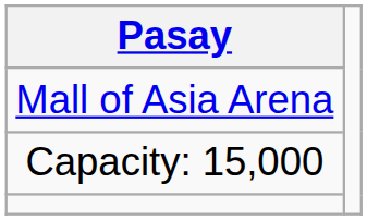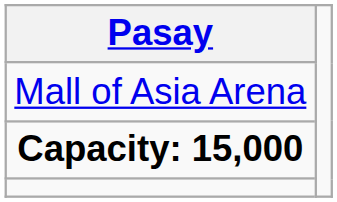 <table class="wikitable" style="text-align:center; margin: 1em auto;">
 <tr>
 <th><a href='#'>Pasay</a></th>
 <td rowspan=4></td>
 </tr>
 <tr>
 <td><a href='#'>Mall of Asia Arena</a></td>
 </tr>
 <tr>
-<td>Capacity: 15,000</td>
+<td><strong>Capacity: 15,000</strong></td>
 </tr>
 <tr>
 <td></td>
 </tr>
 </table>
